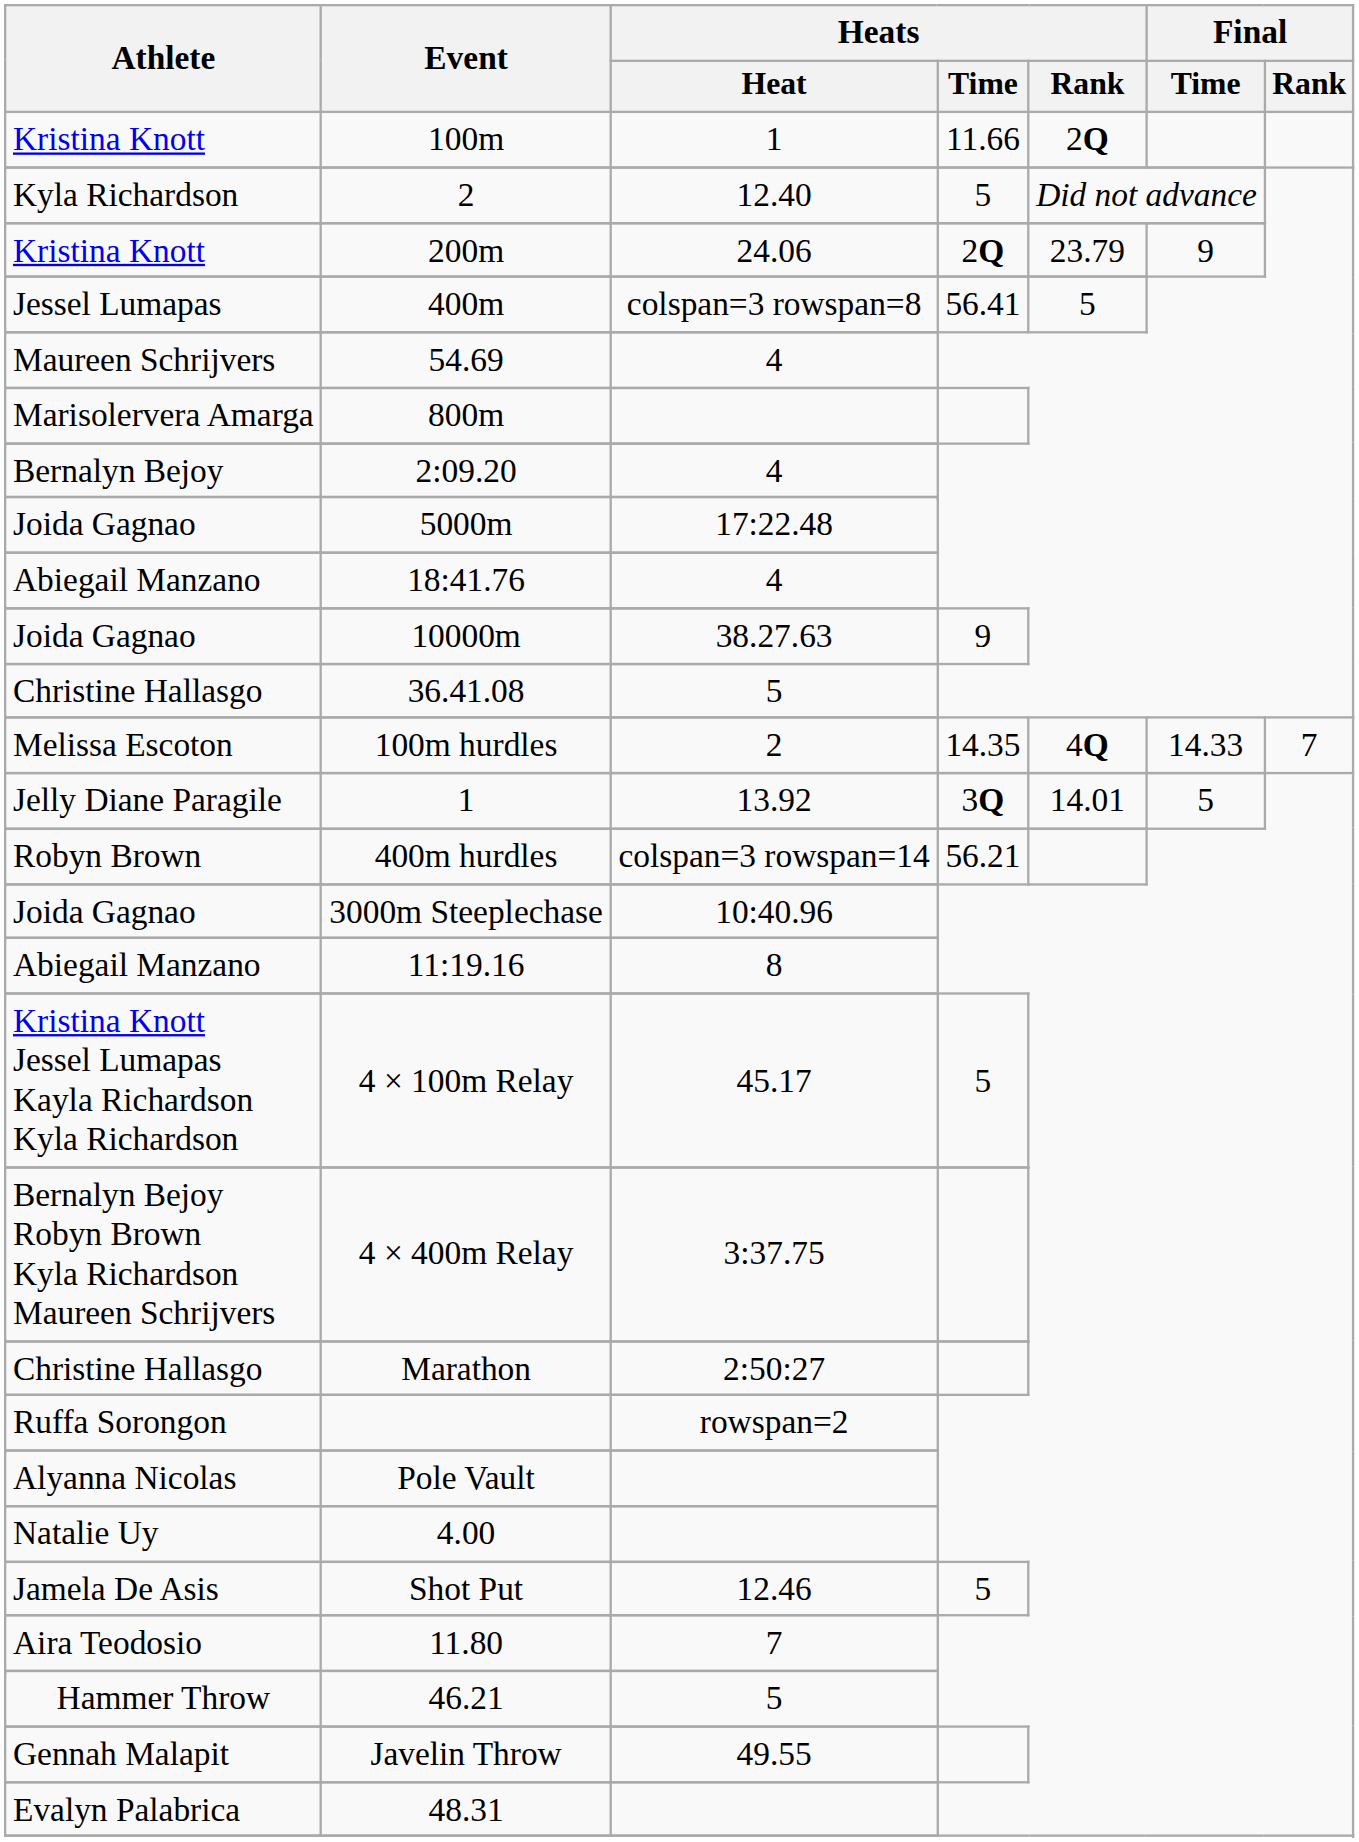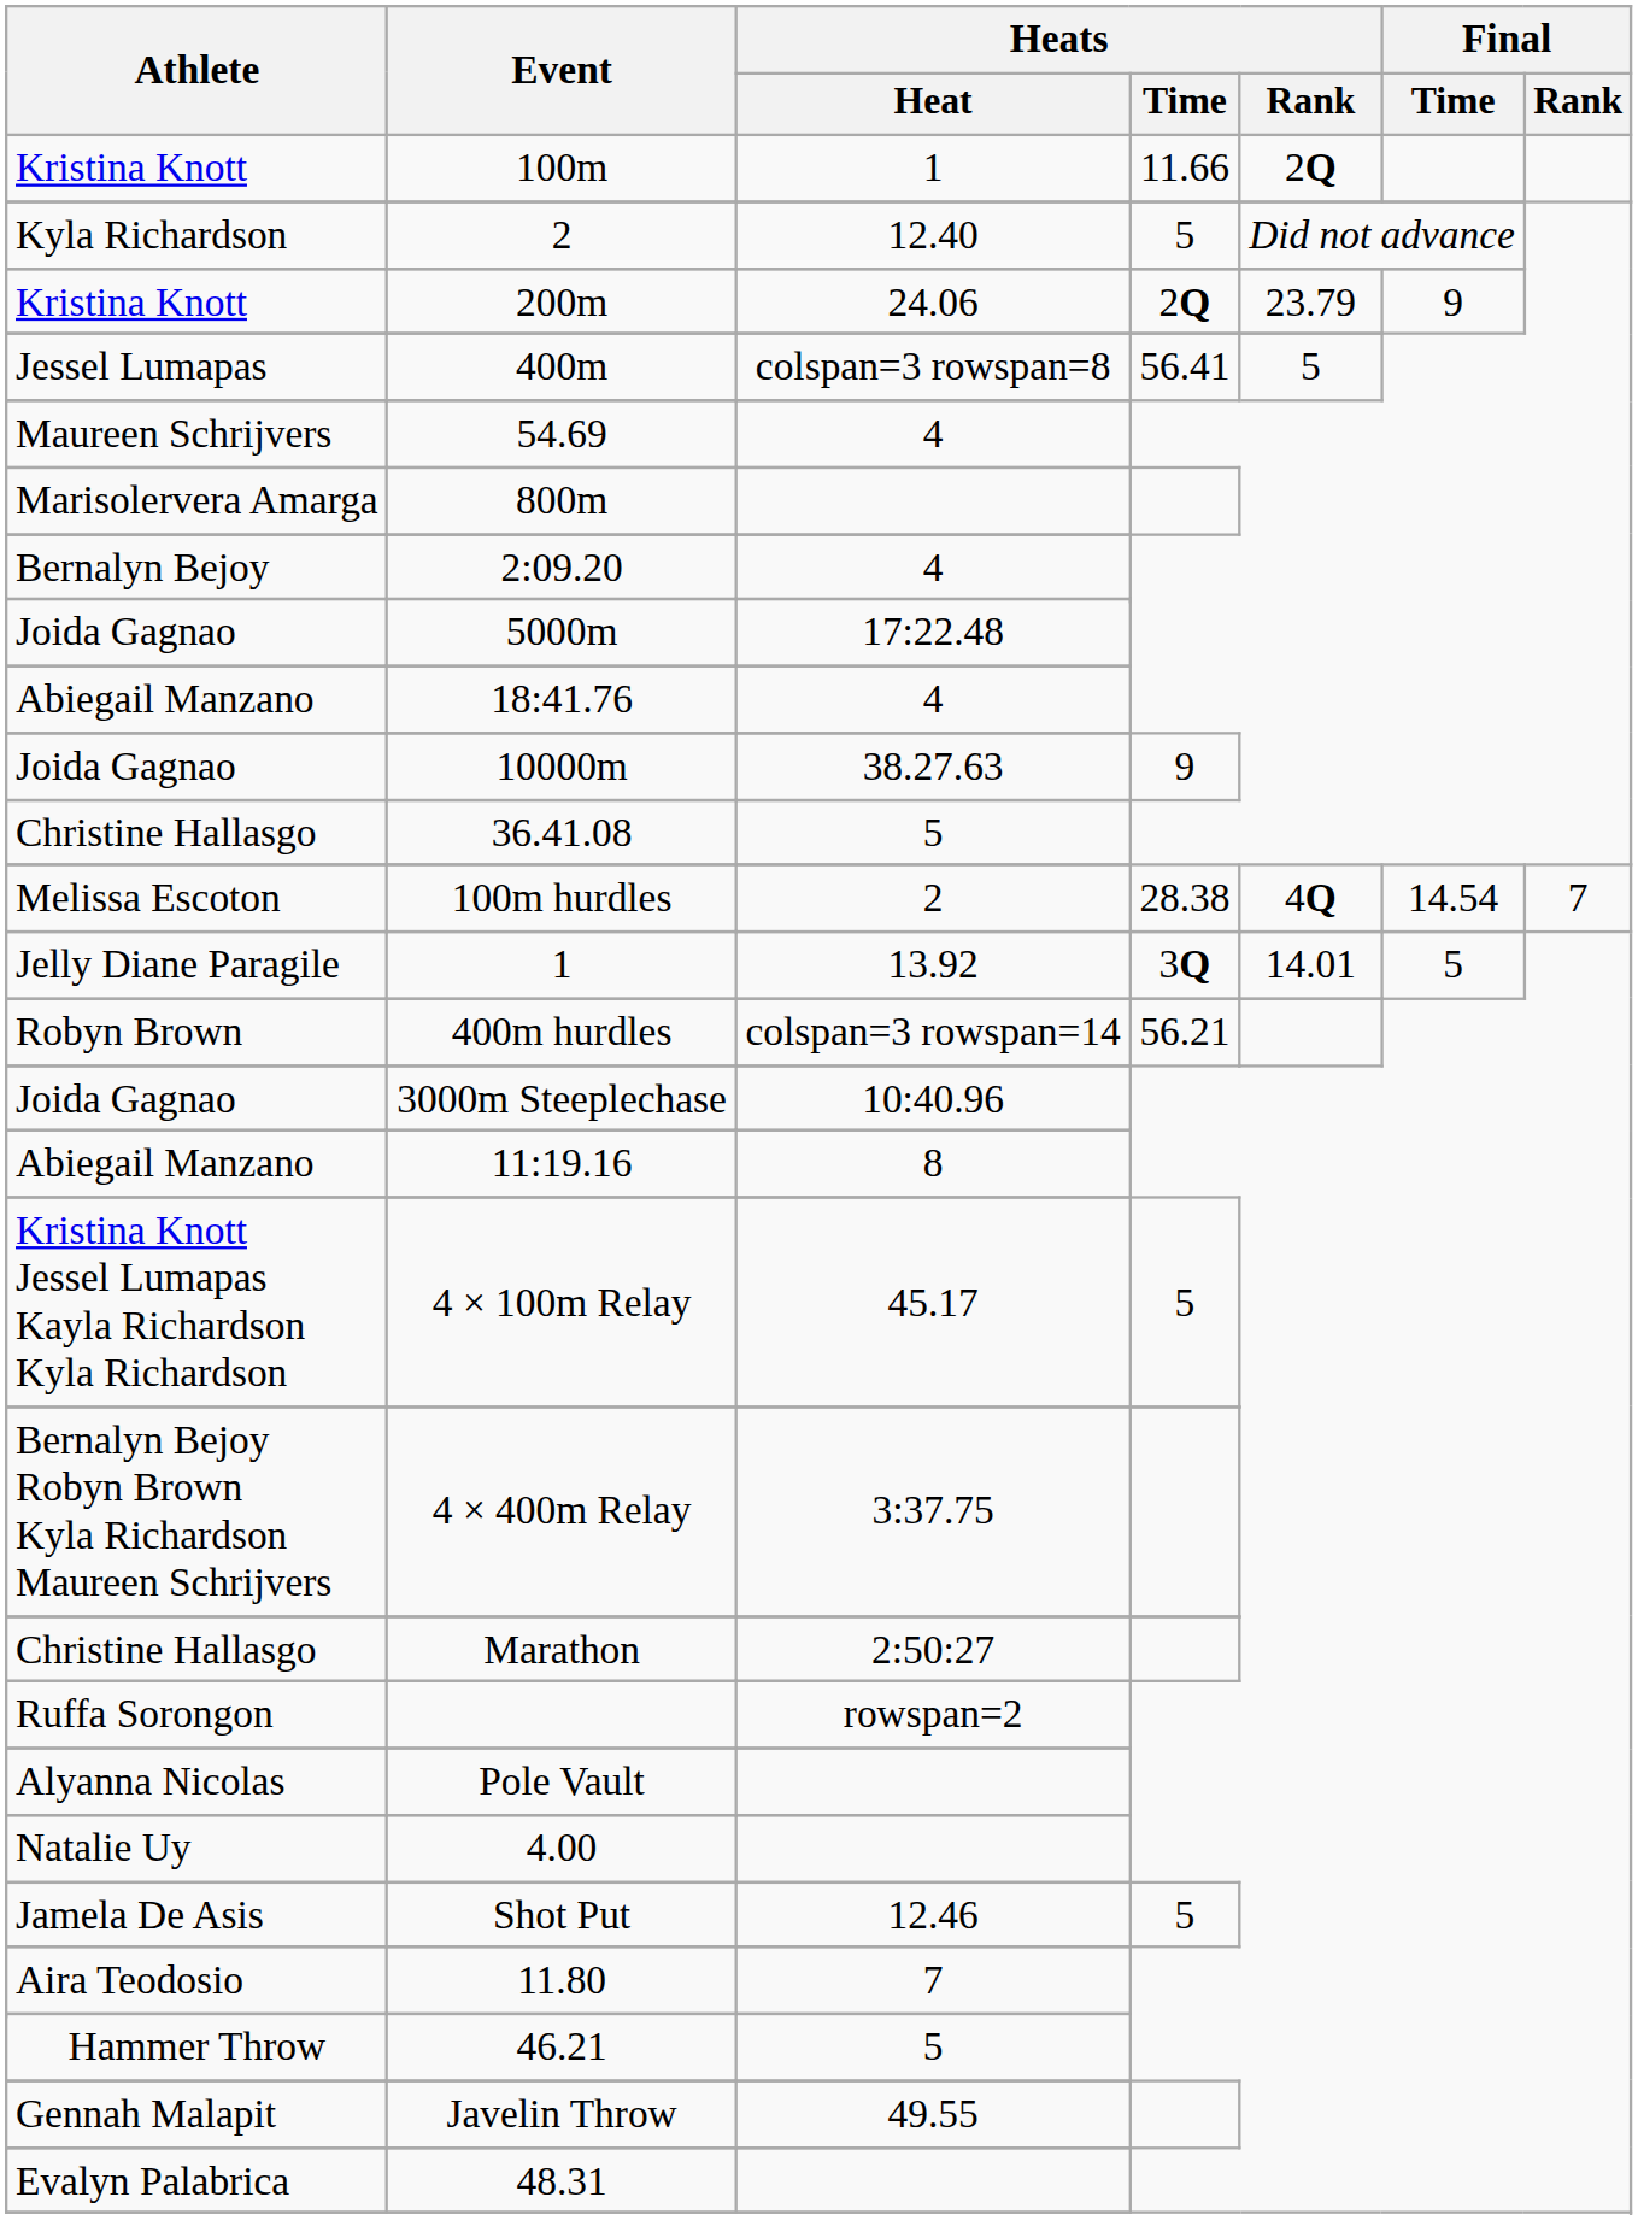 <table class="wikitable" style="font-size:90%; text-align:center">
 <tr>
 <th rowspan="2">Athlete</th>
 <th rowspan="2">Event</th>
 <th colspan="3">Heats</th>
 <th colspan="2">Final</th>
 </tr>
 <tr style="font-size:95%">
 <th>Heat</th>
 <th>Time</th>
 <th>Rank</th>
 <th>Time</th>
 <th>Rank</th>
 </tr>
 <tr align=center>
 <td align=left><a href='#'>Kristina Knott</a></td>
 <td align=Center rowspan=2>100m</td>
 <td>1</td>
 <td>11.66</td>
 <td>2<strong>Q</strong></td>
 <td><strong></strong></td>
 <td></td>
 </tr>
 <tr>
 </tr>
 <tr>
 </tr>
 <tr align=center>
 <td align=left>Kyla Richardson</td>
 <td rowspan=2>2</td>
 <td>12.40</td>
 <td>5</td>
 <td colspan=2><em>Did not advance</em></td>
 </tr>
 <tr>
 </tr>
 <tr>
 </tr>
 <tr align=center>
 <td align=left><a href='#'>Kristina Knott</a></td>
 <td align=center>200m</td>
 <td>24.06</td>
 <td>2<strong>Q</strong></td>
 <td>23.79</td>
 <td>9</td>
 </tr>
 <tr>
 </tr>
 <tr>
 </tr>
 <tr align=center>
 <td align=left>Jessel Lumapas</td>
 <td align=center rowspan=2>400m</td>
 <td>colspan=3 rowspan=8 </td>
 <td>56.41</td>
 <td>5</td>
 </tr>
 <tr>
 </tr>
 <tr>
 </tr>
 <tr align=center>
 <td align=left>Maureen Schrijvers</td>
 <td>54.69</td>
 <td>4</td>
 </tr>
 <tr>
 </tr>
 <tr>
 </tr>
 <tr align=center>
 <td align=left>Marisolervera Amarga</td>
 <td align=center rowspan=2>800m</td>
 <td><strong></strong></td>
 <td></td>
 </tr>
 <tr>
 </tr>
 <tr>
 </tr>
 <tr align=center>
 <td align=left>Bernalyn Bejoy</td>
 <td>2:09.20</td>
 <td rowspan=2>4</td>
 </tr>
 <tr>
 </tr>
 <tr>
 </tr>
 <tr align=center>
 <td align=left>Joida Gagnao</td>
 <td align=center rowspan=2>5000m</td>
 <td>17:22.48</td>
 </tr>
 <tr>
 </tr>
 <tr>
 </tr>
 <tr align=center>
 <td align=left>Abiegail Manzano</td>
 <td>18:41.76</td>
 <td>4</td>
 </tr>
 <tr>
 </tr>
 <tr>
 </tr>
 <tr align=center>
 <td align=left>Joida Gagnao</td>
 <td align=center rowspan=2>10000m</td>
 <td>38.27.63</td>
 <td>9</td>
 </tr>
 <tr>
 </tr>
 <tr>
 </tr>
 <tr align=center>
 <td align=left>Christine Hallasgo</td>
 <td>36.41.08</td>
 <td>5</td>
 </tr>
 <tr>
 </tr>
 <tr>
 </tr>
 <tr align=center>
 <td align=left>Melissa Escoton</td>
 <td align=center rowspan=2>100m hurdles</td>
 <td>2</td>
-<td>14.35</td>
+<td>28.38</td>
 <td>4<strong>Q</strong></td>
-<td>14.33</td>
+<td>14.54</td>
 <td>7</td>
 </tr>
 <tr>
 </tr>
 <tr>
 </tr>
 <tr align=center>
 <td align=left>Jelly Diane Paragile</td>
 <td>1</td>
 <td>13.92</td>
 <td>3<strong>Q</strong></td>
 <td>14.01</td>
 <td>5</td>
 </tr>
 <tr>
 </tr>
 <tr>
 </tr>
 <tr align=center>
 <td align=left>Robyn Brown</td>
 <td align=center>400m hurdles</td>
 <td>colspan=3 rowspan=14 </td>
 <td>56.21</td>
 <td rowspan=2></td>
 </tr>
 <tr>
 </tr>
 <tr>
 </tr>
 <tr align=center>
 <td align=left>Joida Gagnao</td>
 <td align=center rowspan=2>3000m Steeplechase</td>
 <td>10:40.96</td>
 </tr>
 <tr>
 </tr>
 <tr>
 </tr>
 <tr align=center>
 <td align=left>Abiegail Manzano</td>
 <td>11:19.16</td>
 <td>8</td>
 </tr>
 <tr>
 </tr>
 <tr>
 </tr>
 <tr align=center>
 <td align=left><a href='#'>Kristina Knott</a><br>Jessel Lumapas<br>Kayla Richardson<br>Kyla Richardson</td>
 <td align=center>4 × 100m Relay</td>
 <td>45.17</td>
 <td>5</td>
 </tr>
 <tr>
 </tr>
 <tr>
 </tr>
 <tr align=center>
 <td align=left>Bernalyn Bejoy<br>Robyn Brown<br>Kyla Richardson<br>Maureen Schrijvers</td>
 <td align=center>4 × 400m Relay</td>
 <td>3:37.75</td>
 <td></td>
 </tr>
 <tr>
 </tr>
 <tr>
 </tr>
 <tr align=center>
 <td align=left>Christine Hallasgo</td>
 <td align=center rowspan=2>Marathon</td>
 <td>2:50:27</td>
 <td></td>
 </tr>
 <tr>
 </tr>
 <tr>
 </tr>
 <tr align=center>
 <td align=left>Ruffa Sorongon</td>
 <td><strong></strong></td>
 <td>rowspan=2 </td>
 </tr>
 <tr>
 </tr>
 <tr>
 </tr>
 <tr align=center>
 <td align=left>Alyanna Nicolas</td>
 <td align=center rowspan=2>Pole Vault</td>
 <td><strong></strong></td>
 </tr>
 <tr>
 </tr>
 <tr>
 </tr>
 <tr align=center>
 <td align=left>Natalie Uy</td>
 <td>4.00</td>
 <td></td>
 </tr>
 <tr>
 </tr>
 <tr>
 </tr>
 <tr align=center>
 <td align=left>Jamela De Asis</td>
 <td align=center rowspan=2>Shot Put</td>
 <td>12.46</td>
 <td>5</td>
 </tr>
 <tr>
 </tr>
 <tr>
 </tr>
 <tr align=center>
 <td align=left rowspan=2>Aira Teodosio</td>
 <td>11.80</td>
 <td>7</td>
 </tr>
 <tr>
 </tr>
 <tr>
 </tr>
 <tr align=center>
 <td align=center>Hammer Throw</td>
 <td>46.21</td>
 <td>5</td>
 </tr>
 <tr>
 </tr>
 <tr>
 </tr>
 <tr align=center>
 <td align=left>Gennah Malapit</td>
 <td align=center rowspan=2>Javelin Throw</td>
 <td>49.55</td>
 <td></td>
 </tr>
 <tr>
 </tr>
 <tr>
 </tr>
 <tr align=center>
 <td align=left>Evalyn Palabrica</td>
 <td>48.31</td>
 <td></td>
 </tr>
 <tr>
 </tr>
 </table>
